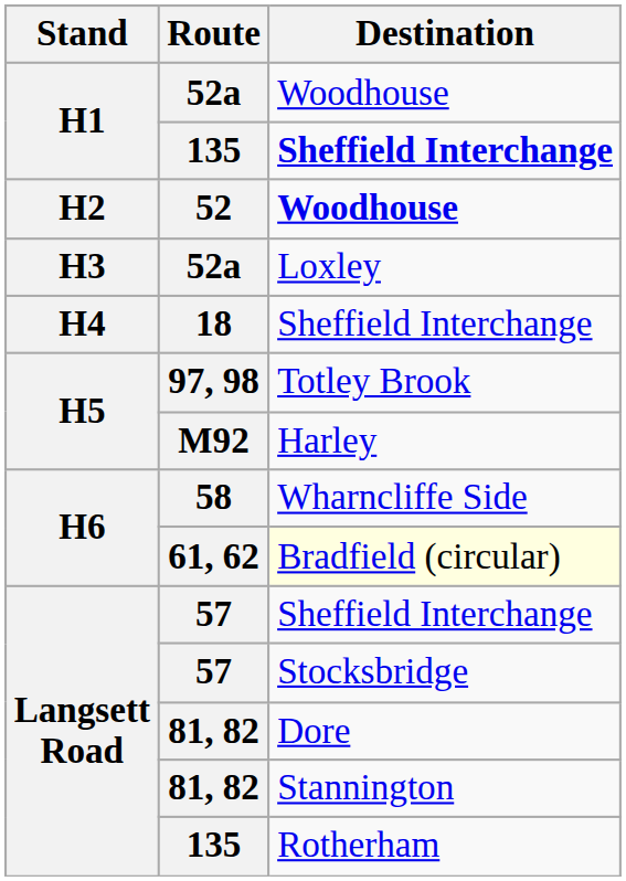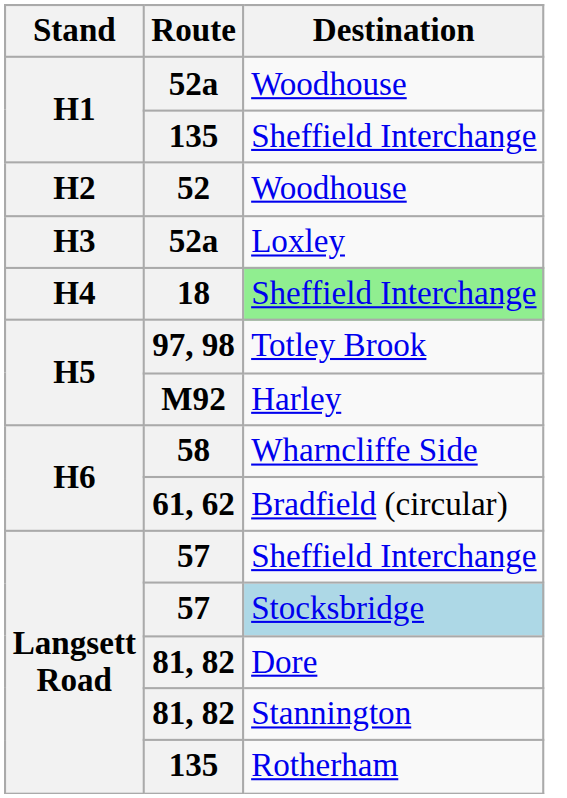 <table class="wikitable">
 <tr>
 <th><strong>Stand</strong></th>
 <th><strong>Route</strong></th>
 <th><strong>Destination</strong></th>
 </tr>
 <tr>
 <th rowspan="2">H1</th>
 <th>52a</th>
 <td><a href='#'>Woodhouse</a>   </td>
 </tr>
 <tr>
 <th>135</th>
-<td><strong><a href='#'>Sheffield Interchange</a>     </strong></td>
+<td><a href='#'>Sheffield Interchange</a>     </td>
 </tr>
 <tr>
 <th>H2</th>
 <th>52</th>
-<td><strong><a href='#'>Woodhouse</a>   </strong></td>
+<td><a href='#'>Woodhouse</a>   </td>
 </tr>
 <tr>
 <th>H3</th>
 <th>52a</th>
 <td><a href='#'>Loxley</a>  </td>
 </tr>
 <tr>
 <th>H4</th>
 <th>18</th>
-<td><a href='#'>Sheffield Interchange</a>     </td>
+<td style="background: lightgreen;"><a href='#'>Sheffield Interchange</a>     </td>
 </tr>
 <tr>
 <th rowspan="2">H5</th>
 <th>97, 98</th>
 <td><a href='#'>Totley Brook</a>  </td>
 </tr>
 <tr>
 <th>M92</th>
 <td><a href='#'>Harley</a>  </td>
 </tr>
 <tr>
 <th rowspan="2">H6</th>
 <th>58</th>
 <td><a href='#'>Wharncliffe Side</a>  </td>
 </tr>
 <tr>
 <th>61, 62</th>
-<td style="background: lightyellow;"><a href='#'>Bradfield</a> (circular)  </td>
+<td><a href='#'>Bradfield</a> (circular)  </td>
 </tr>
 <tr>
 <th rowspan="5">Langsett<br>Road</th>
 <th>57</th>
 <td><a href='#'>Sheffield Interchange</a>     </td>
 </tr>
 <tr>
 <th>57</th>
-<td><a href='#'>Stocksbridge</a>  </td>
+<td style="background: lightblue;"><a href='#'>Stocksbridge</a>  </td>
 </tr>
 <tr>
 <th>81, 82</th>
 <td><a href='#'>Dore</a>  </td>
 </tr>
 <tr>
 <th>81, 82</th>
 <td><a href='#'>Stannington</a>  </td>
 </tr>
 <tr>
 <th>135</th>
 <td><a href='#'>Rotherham</a>     </td>
 </tr>
 </table>
